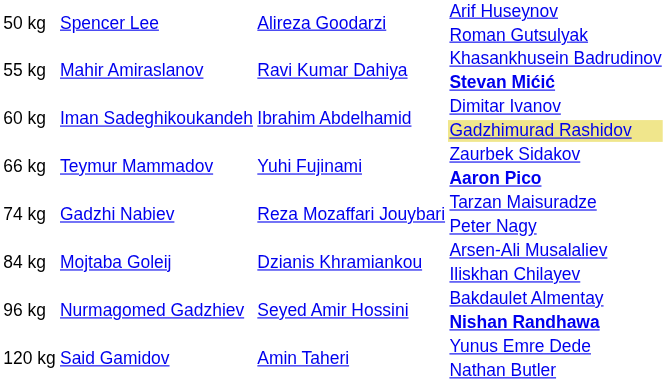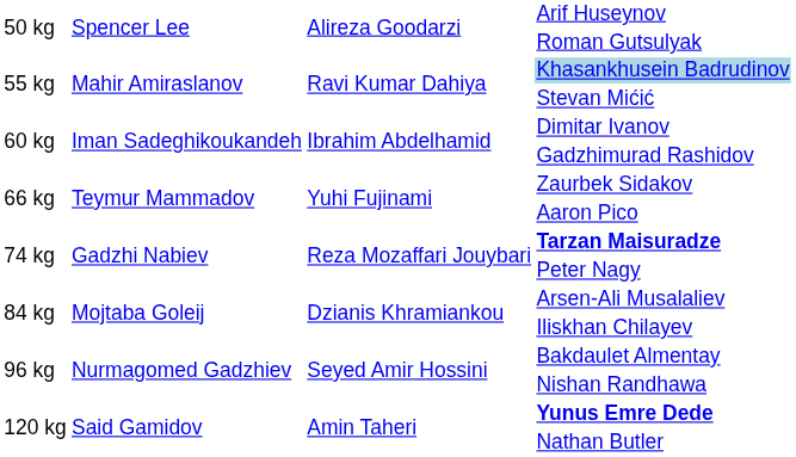 <table>
 <tr>
 <td rowspan=2>50 kg</td>
 <td rowspan=2> <a href='#'>Spencer Lee</a></td>
 <td rowspan=2> <a href='#'>Alireza Goodarzi</a></td>
 <td> <a href='#'>Arif Huseynov</a></td>
 </tr>
 <tr>
 <td><a href='#'>Roman Gutsulyak</a></td>
 </tr>
 <tr>
 <td rowspan=2>55 kg</td>
 <td rowspan=2> <a href='#'>Mahir Amiraslanov</a></td>
 <td rowspan=2> <a href='#'>Ravi Kumar Dahiya</a></td>
-<td> <a href='#'>Khasankhusein Badrudinov</a></td>
+<td style="background: lightblue;"> <a href='#'>Khasankhusein Badrudinov</a></td>
 </tr>
 <tr>
-<td><strong> <a href='#'>Stevan Mićić</a></strong></td>
+<td> <a href='#'>Stevan Mićić</a></td>
 </tr>
 <tr>
 <td rowspan=2>60 kg</td>
 <td rowspan=2> <a href='#'>Iman Sadeghikoukandeh</a></td>
 <td rowspan=2> <a href='#'>Ibrahim Abdelhamid</a></td>
 <td> <a href='#'>Dimitar Ivanov</a></td>
 </tr>
 <tr>
-<td style="background: khaki;"> <a href='#'>Gadzhimurad Rashidov</a></td>
+<td> <a href='#'>Gadzhimurad Rashidov</a></td>
 </tr>
 <tr>
 <td rowspan=2>66 kg</td>
 <td rowspan=2> <a href='#'>Teymur Mammadov</a></td>
 <td rowspan=2> <a href='#'>Yuhi Fujinami</a></td>
 <td> <a href='#'>Zaurbek Sidakov</a></td>
 </tr>
 <tr>
-<td><strong> <a href='#'>Aaron Pico</a></strong></td>
+<td> <a href='#'>Aaron Pico</a></td>
 </tr>
 <tr>
 <td rowspan=2>74 kg</td>
 <td rowspan=2> <a href='#'>Gadzhi Nabiev</a></td>
 <td rowspan=2> <a href='#'>Reza Mozaffari Jouybari</a></td>
-<td> <a href='#'>Tarzan Maisuradze</a></td>
+<td><strong> <a href='#'>Tarzan Maisuradze</a></strong></td>
 </tr>
 <tr>
 <td> <a href='#'>Peter Nagy</a></td>
 </tr>
 <tr>
 <td rowspan=2>84 kg</td>
 <td rowspan=2> <a href='#'>Mojtaba Goleij</a></td>
 <td rowspan=2> <a href='#'>Dzianis Khramiankou</a></td>
 <td> <a href='#'>Arsen-Ali Musalaliev</a></td>
 </tr>
 <tr>
 <td> <a href='#'>Iliskhan Chilayev</a></td>
 </tr>
 <tr>
 <td rowspan=2>96 kg</td>
 <td rowspan=2> <a href='#'>Nurmagomed Gadzhiev</a></td>
 <td rowspan=2> <a href='#'>Seyed Amir Hossini</a></td>
 <td> <a href='#'>Bakdaulet Almentay</a></td>
 </tr>
 <tr>
-<td><strong> <a href='#'>Nishan Randhawa</a></strong></td>
+<td> <a href='#'>Nishan Randhawa</a></td>
 </tr>
 <tr>
 <td rowspan=2>120 kg</td>
 <td rowspan=2> <a href='#'>Said Gamidov</a></td>
 <td rowspan=2> <a href='#'>Amin Taheri</a></td>
-<td> <a href='#'>Yunus Emre Dede</a></td>
+<td><strong> <a href='#'>Yunus Emre Dede</a></strong></td>
 </tr>
 <tr>
 <td> <a href='#'>Nathan Butler</a></td>
 </tr>
 </table>
